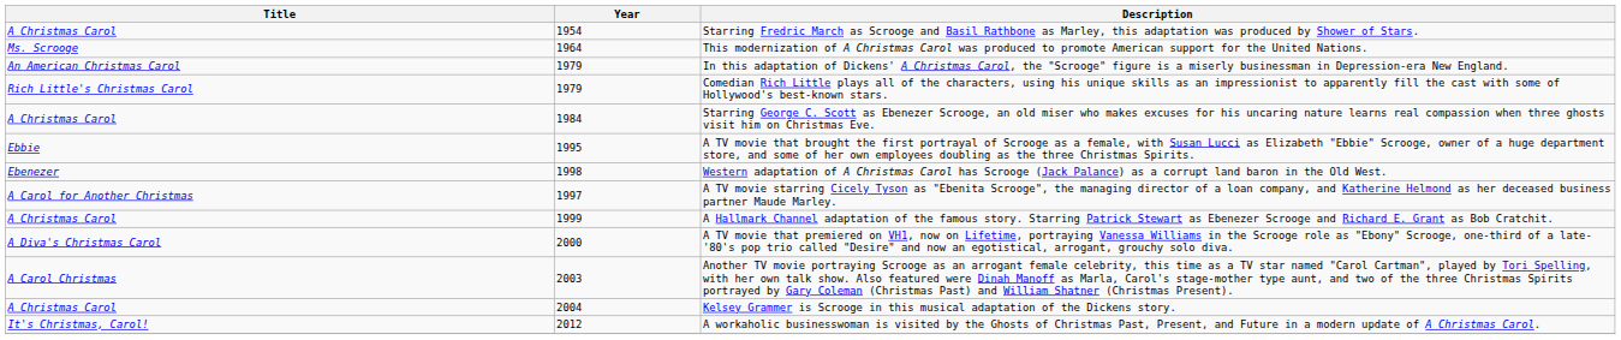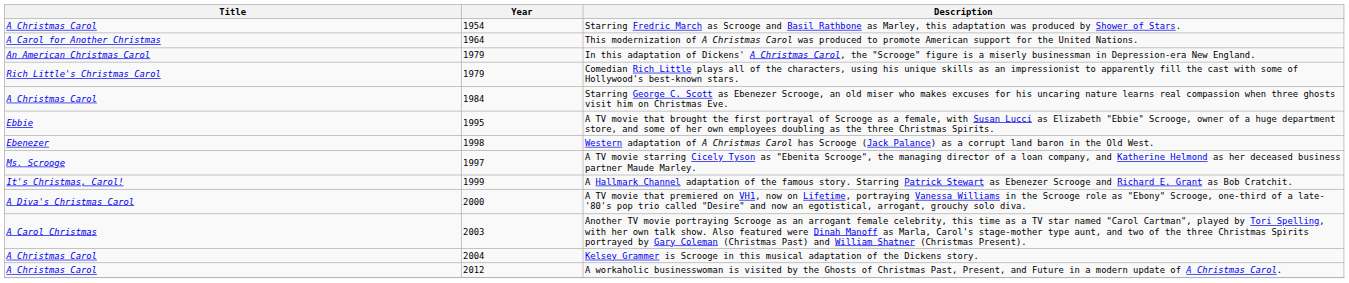 <table class="wikitable sortable">
 <tr>
 <th width="30%">Title</th>
 <th width="8%">Year</th>
 <th width="50%" class="sortable">Description</th>
 </tr>
 <tr>
 <td><em><a href='#'>A Christmas Carol</a></em></td>
 <td>1954</td>
 <td>Starring <a href='#'>Fredric March</a> as Scrooge and <a href='#'>Basil Rathbone</a> as Marley, this adaptation was produced by <a href='#'>Shower of Stars</a>.</td>
 </tr>
 <tr>
-<td><em><a href='#'>Ms. Scrooge</a></em></td>
+<td><em><a href='#'>A Carol for Another Christmas</a></em></td>
 <td>1964</td>
 <td>This modernization of <em>A Christmas Carol</em> was produced to promote American support for the United Nations.</td>
 </tr>
 <tr>
 <td><em><a href='#'>An American Christmas Carol</a></em></td>
 <td>1979</td>
 <td>In this adaptation of Dickens' <em><a href='#'>A Christmas Carol</a></em>, the "Scrooge" figure is a miserly businessman in Depression-era New England.</td>
 </tr>
 <tr>
 <td><em><a href='#'>Rich Little's Christmas Carol</a></em></td>
 <td>1979</td>
 <td>Comedian <a href='#'>Rich Little</a> plays all of the characters, using his unique skills as an impressionist to apparently fill the cast with some of Hollywood's best-known stars.</td>
 </tr>
 <tr>
 <td><em><a href='#'>A Christmas Carol</a></em></td>
 <td>1984</td>
 <td>Starring <a href='#'>George C. Scott</a> as Ebenezer Scrooge, an old miser who makes excuses for his uncaring nature learns real compassion when three ghosts visit him on Christmas Eve.</td>
 </tr>
 <tr>
 <td><em><a href='#'>Ebbie</a></em></td>
 <td>1995</td>
 <td>A TV movie that brought the first portrayal of Scrooge as a female, with <a href='#'>Susan Lucci</a> as Elizabeth "Ebbie" Scrooge, owner of a huge department store, and some of her own employees doubling as the three Christmas Spirits.</td>
 </tr>
 <tr>
 <td><em><a href='#'>Ebenezer</a></em></td>
 <td>1998</td>
 <td><a href='#'>Western</a> adaptation of <em>A Christmas Carol</em> has Scrooge (<a href='#'>Jack Palance</a>) as a corrupt land baron in the Old West.</td>
 </tr>
 <tr>
-<td><em><a href='#'>A Carol for Another Christmas</a></em></td>
+<td><em><a href='#'>Ms. Scrooge</a></em></td>
 <td>1997</td>
 <td>A TV movie starring <a href='#'>Cicely Tyson</a> as "Ebenita Scrooge", the managing director of a loan company, and <a href='#'>Katherine Helmond</a> as her deceased business partner Maude Marley.</td>
 </tr>
 <tr>
-<td><em><a href='#'>A Christmas Carol</a></em></td>
+<td><em><a href='#'>It's Christmas, Carol!</a></em></td>
 <td>1999</td>
 <td>A <a href='#'>Hallmark Channel</a> adaptation of the famous story. Starring <a href='#'>Patrick Stewart</a> as Ebenezer Scrooge and <a href='#'>Richard E. Grant</a> as Bob Cratchit.</td>
 </tr>
 <tr>
 <td><em><a href='#'>A Diva's Christmas Carol</a></em></td>
 <td>2000</td>
 <td>A TV movie that premiered on <a href='#'>VH1</a>, now on <a href='#'>Lifetime</a>, portraying <a href='#'>Vanessa Williams</a> in the Scrooge role as "Ebony" Scrooge, one-third of a late-'80's pop trio called "Desire" and now an egotistical, arrogant, grouchy solo diva.</td>
 </tr>
 <tr>
 <td><em><a href='#'>A Carol Christmas</a></em></td>
 <td>2003</td>
 <td>Another TV movie portraying Scrooge as an arrogant female celebrity, this time as a TV star named "Carol Cartman", played by <a href='#'>Tori Spelling</a>, with her own talk show. Also featured were <a href='#'>Dinah Manoff</a> as Marla, Carol's stage-mother type aunt, and two of the three Christmas Spirits portrayed by <a href='#'>Gary Coleman</a> (Christmas Past) and <a href='#'>William Shatner</a> (Christmas Present).</td>
 </tr>
 <tr>
 <td><em><a href='#'>A Christmas Carol</a></em></td>
 <td>2004</td>
 <td><a href='#'>Kelsey Grammer</a> is Scrooge in this musical adaptation of the Dickens story.</td>
 </tr>
 <tr>
-<td><em><a href='#'>It's Christmas, Carol!</a></em></td>
+<td><em><a href='#'>A Christmas Carol</a></em></td>
 <td>2012</td>
 <td>A workaholic businesswoman is visited by the Ghosts of Christmas Past, Present, and Future in a modern update of <em><a href='#'>A Christmas Carol</a></em>.</td>
 </tr>
 <tr>
 </tr>
 </table>
